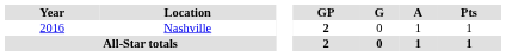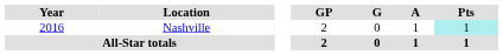 <table border="0" cellpadding="1" cellspacing="0" style="text-align:center; width:40em">
 <tr style="background:#e0e0e0;">
 <th>Year</th>
 <th>Location</th>
 <th rowspan="99" bgcolor="#ffffff"> </th>
 <th>GP</th>
 <th>G</th>
 <th>A</th>
 <th>Pts</th>
 </tr>
 <tr>
 <td><a href='#'>2016</a></td>
 <td><a href='#'>Nashville</a></td>
-<td><strong>2</strong></td>
+<td>2</td>
 <td>0</td>
 <td>1</td>
-<td>1</td>
+<td style="background: paleturquoise;">1</td>
 </tr>
 <tr bgcolor="#e0e0e0">
 <th colspan="2">All-Star totals</th>
 <th>2</th>
 <th>0</th>
 <th>1</th>
 <th>1</th>
 </tr>
 </table>
